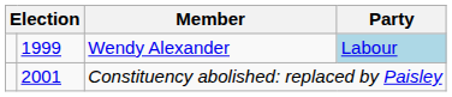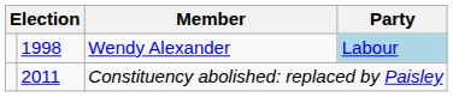 <table class="wikitable">
 <tr>
 <th colspan="2">Election</th>
 <th>Member</th>
 <th>Party</th>
 </tr>
 <tr>
 <td style="background-color: "></td>
-<td><a href='#'>1999</a></td>
+<td><a href='#'>1998</a></td>
 <td><a href='#'>Wendy Alexander</a></td>
 <td style="background: lightblue;"><a href='#'>Labour</a></td>
 </tr>
 <tr>
 <td style="background-color:"></td>
-<td><a href='#'>2001</a></td>
+<td><a href='#'>2011</a></td>
 <td colspan="3"><em>Constituency abolished: replaced by <a href='#'>Paisley</a></em></td>
 </tr>
 </table>
